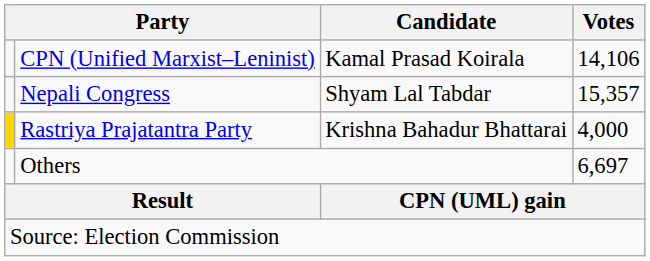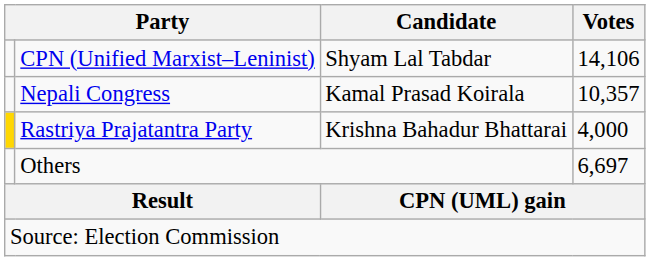 <table class="wikitable">
 <tr>
 <th colspan="2">Party</th>
 <th>Candidate</th>
 <th>Votes</th>
 </tr>
 <tr>
 <td style="background-color:"></td>
 <td><a href='#'>CPN (Unified Marxist–Leninist)</a></td>
-<td>Kamal Prasad Koirala</td>
+<td>Shyam Lal Tabdar</td>
 <td>14,106</td>
 </tr>
 <tr>
 <td style="background-color:"></td>
 <td><a href='#'>Nepali Congress</a></td>
-<td>Shyam Lal Tabdar</td>
-<td>15,357</td>
+<td>Kamal Prasad Koirala</td>
+<td>10,357</td>
 </tr>
 <tr>
 <td style="background-color:gold"></td>
 <td><a href='#'>Rastriya Prajatantra Party</a></td>
 <td>Krishna Bahadur Bhattarai</td>
 <td>4,000</td>
 </tr>
 <tr>
 <td></td>
 <td colspan="2">Others</td>
 <td>6,697</td>
 </tr>
 <tr>
 <th colspan="2">Result</th>
 <th colspan="2">CPN (UML) gain</th>
 </tr>
 <tr>
 <td colspan="4">Source: Election Commission</td>
 </tr>
 </table>
